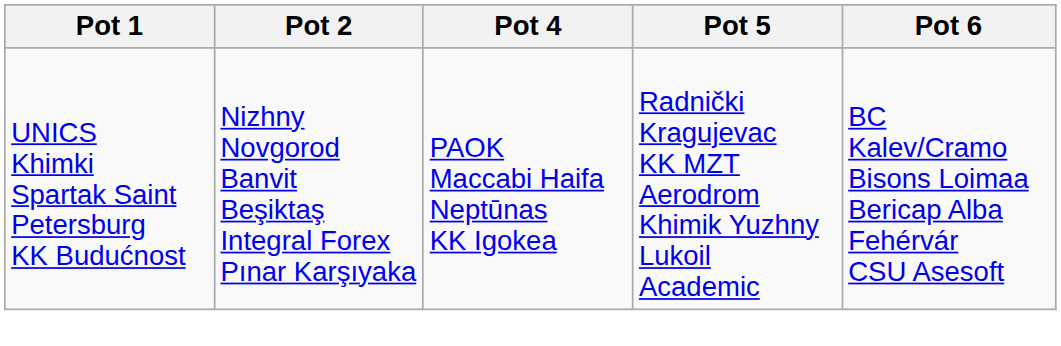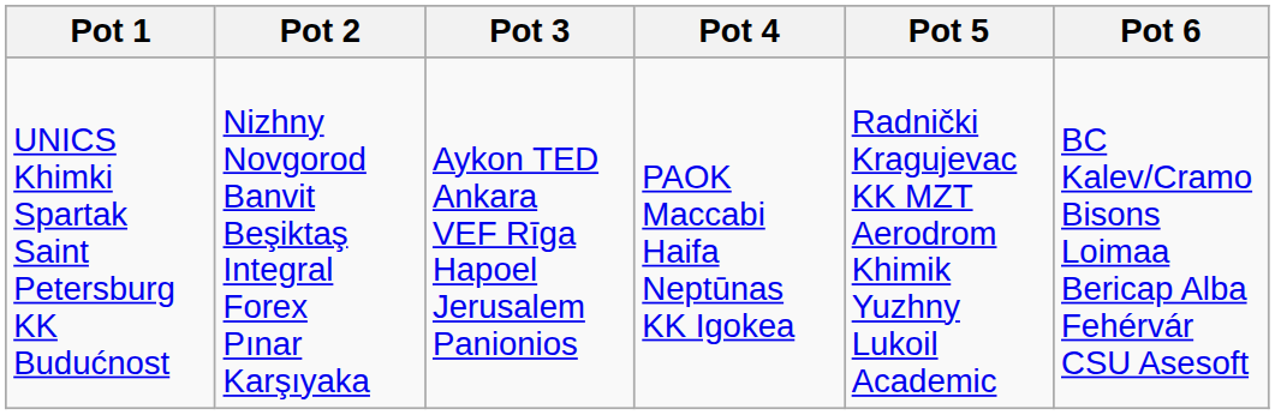 <table class="wikitable" style="width:98%;">
 <tr>
 <th width=16%><strong>Pot 1</strong></th>
 <th width=16%><strong>Pot 2</strong></th>
+<th width=16%><strong>Pot 3</strong></th>
 <th width=16%><strong>Pot 4</strong></th>
 <th width=16%><strong>Pot 5</strong></th>
 <th width=16%><strong>Pot 6</strong></th>
 </tr>
 <tr>
 <td><br> <a href='#'>UNICS</a> <br>  <a href='#'>Khimki</a><br>  <a href='#'>Spartak Saint Petersburg</a><br>  <a href='#'>KK Budućnost</a><br></td>
 <td><br> <a href='#'>Nizhny Novgorod</a><br>  <a href='#'>Banvit</a><br>  <a href='#'>Beşiktaş Integral Forex</a><br>  <a href='#'>Pınar Karşıyaka</a><br></td>
+<td><br> <a href='#'>Aykon TED Ankara</a><br>  <a href='#'>VEF Rīga</a><br>  <a href='#'>Hapoel Jerusalem</a><br>  <a href='#'>Panionios</a><br></td>
 <td><br> <a href='#'>PAOK</a><br>  <a href='#'>Maccabi Haifa</a><br>  <a href='#'>Neptūnas</a><br>  <a href='#'>KK Igokea</a><br></td>
 <td><br> <a href='#'>Radnički Kragujevac</a><br>  <a href='#'>KK MZT Aerodrom</a><br>  <a href='#'>Khimik Yuzhny</a><br>  <a href='#'>Lukoil Academic</a> <br></td>
 <td><br> <a href='#'>BC Kalev/Cramo</a> <br>  <a href='#'>Bisons Loimaa</a><br>  <a href='#'>Bericap Alba Fehérvár</a><br>  <a href='#'>CSU Asesoft</a></td>
 </tr>
 </table>
